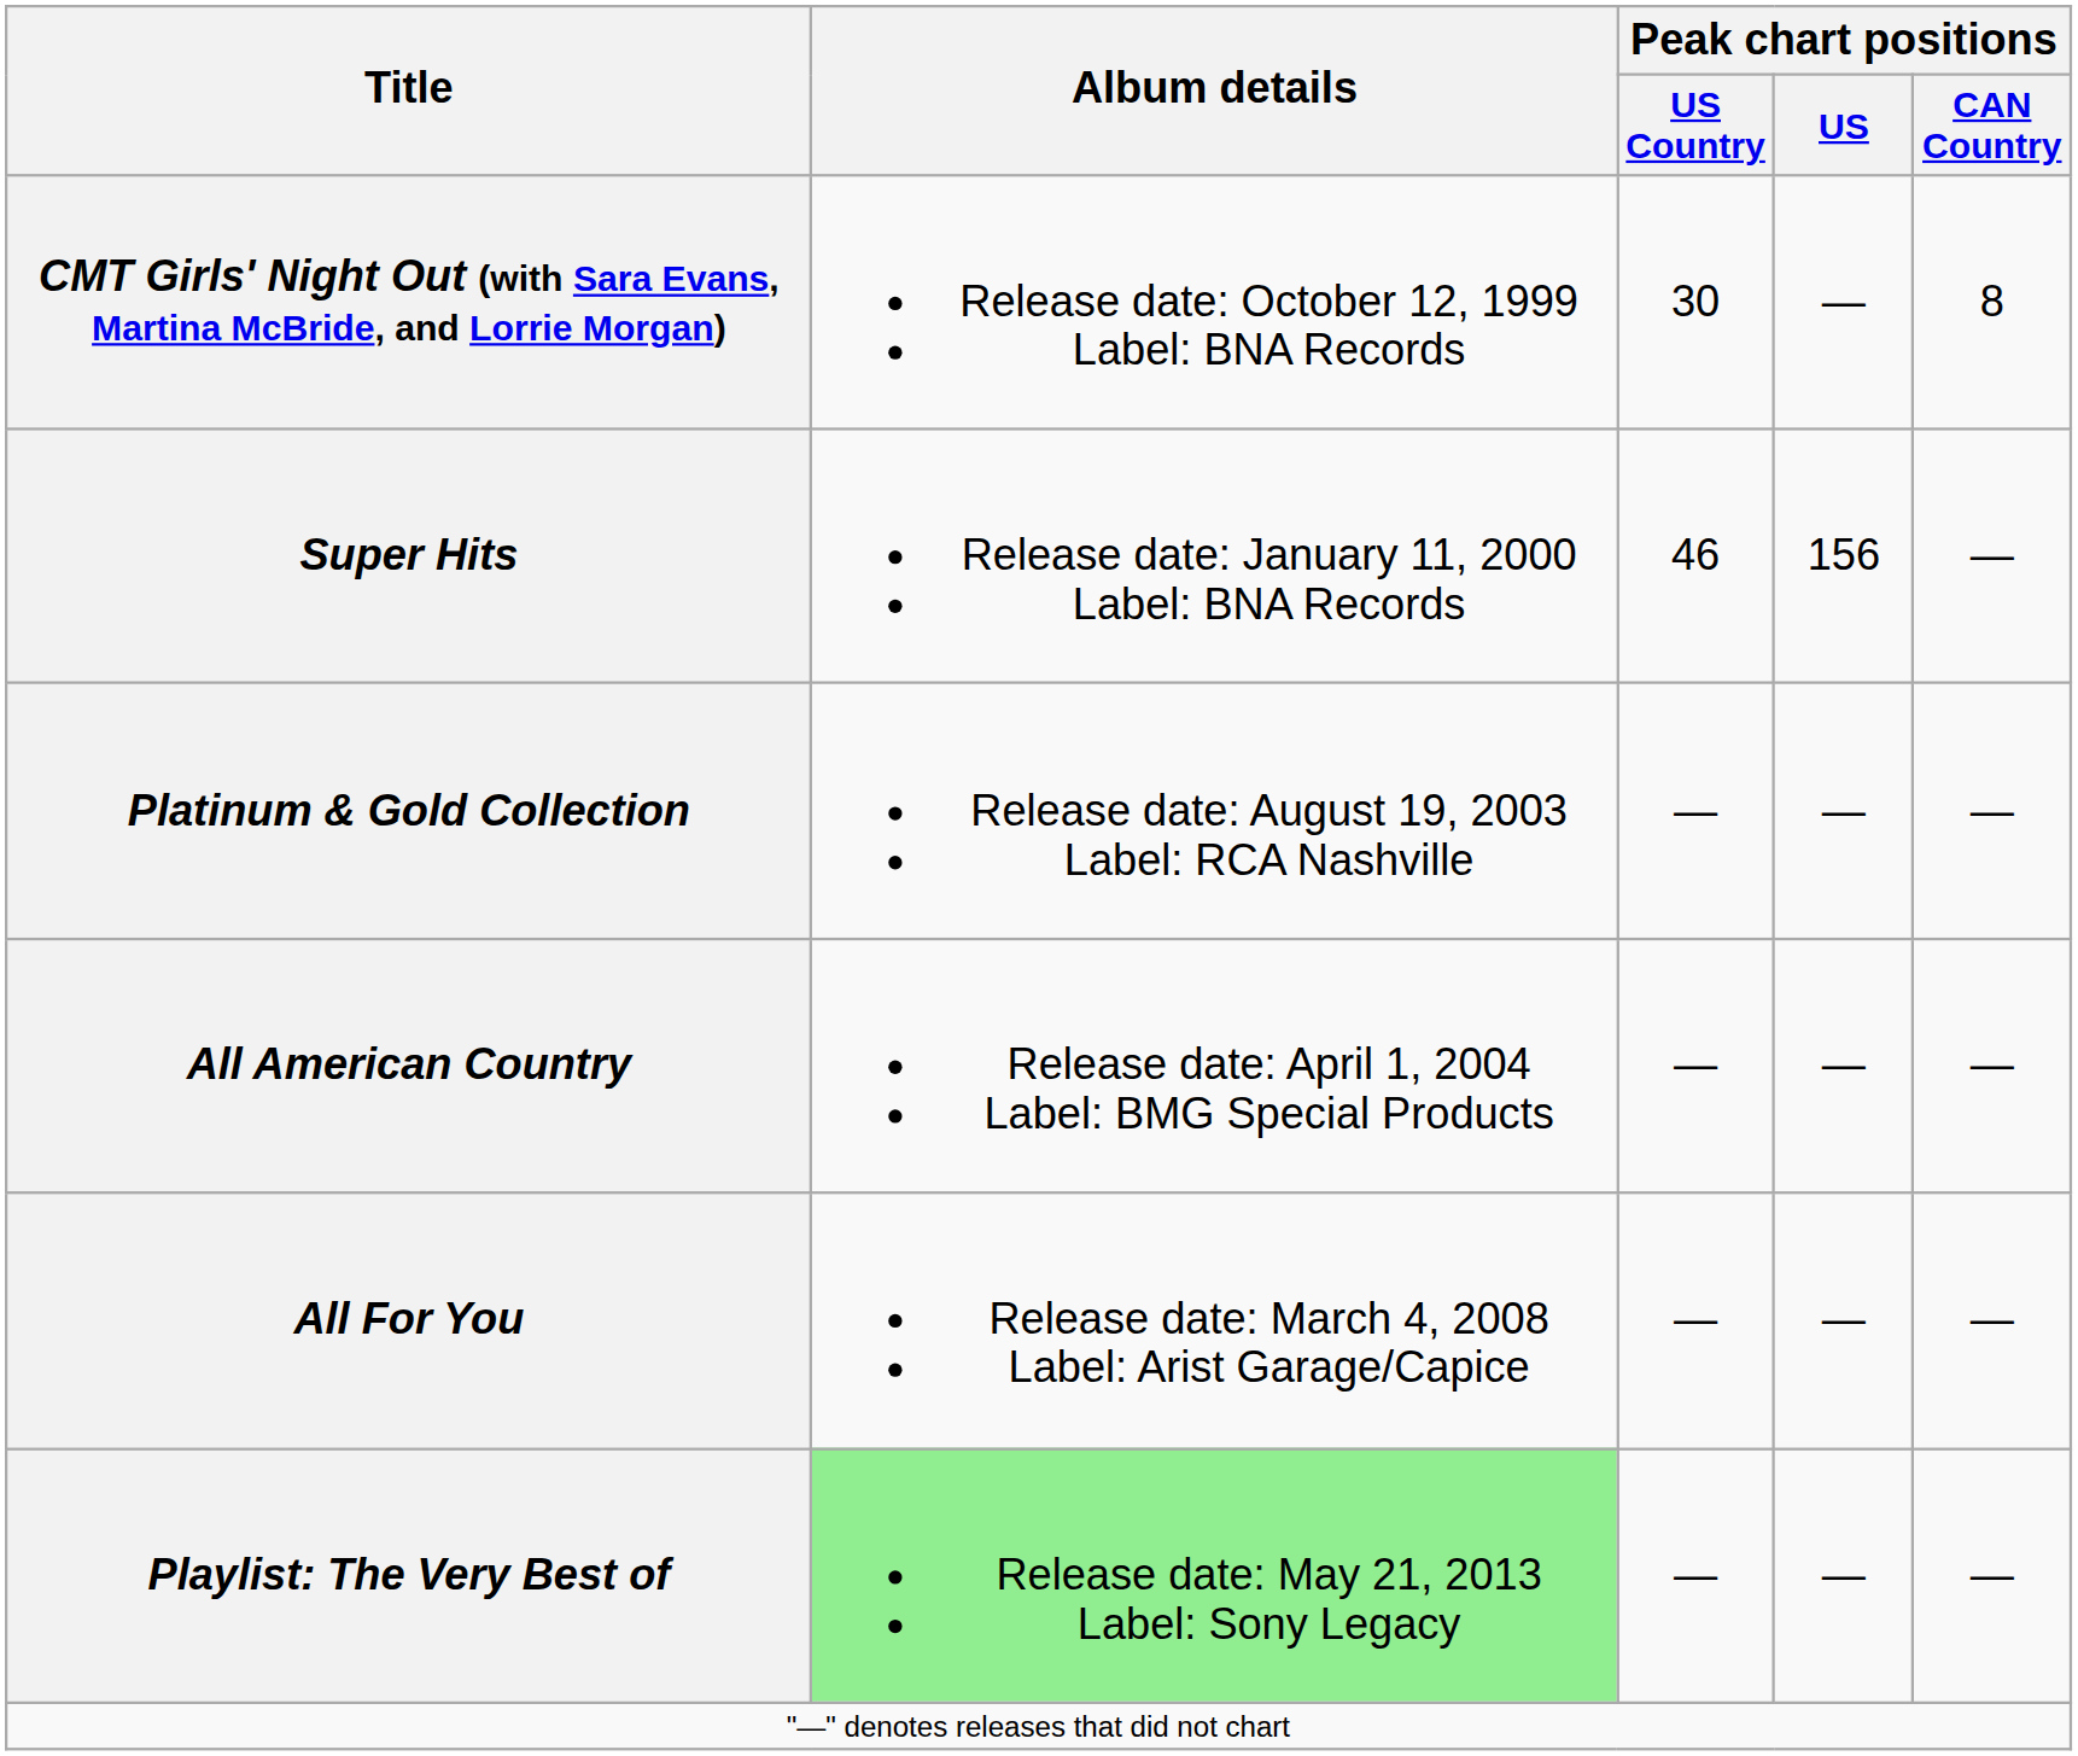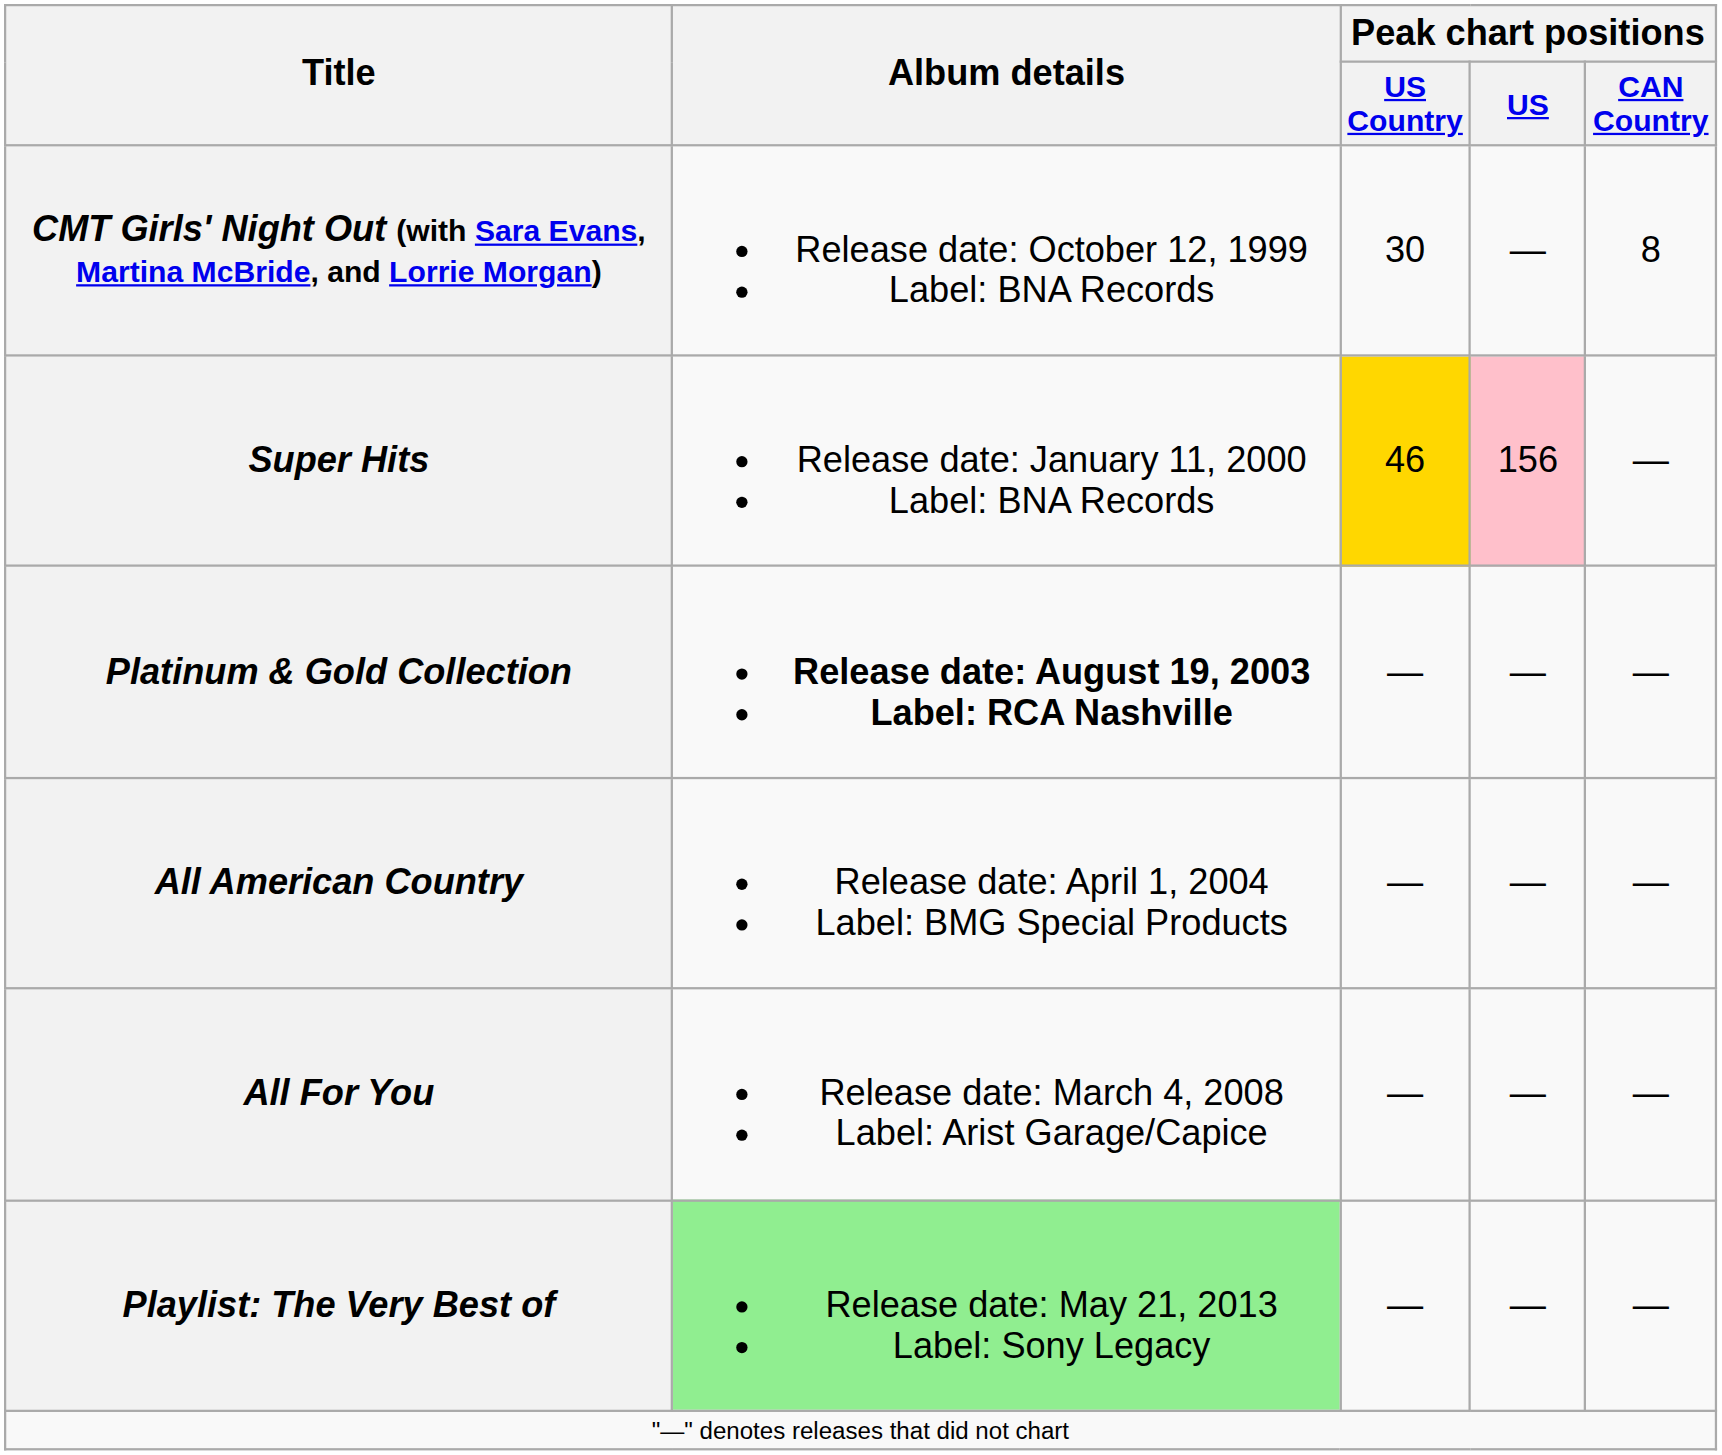 <table class="wikitable plainrowheaders" style="text-align:center;">
 <tr>
 <th rowspan="2" style="width:18em;">Title</th>
 <th rowspan="2" style="width:18em;">Album details</th>
 <th colspan="3">Peak chart positions</th>
 </tr>
 <tr style="font-size:smaller;">
 <th style="width:45px;"><a href='#'>US Country</a></th>
 <th style="width:45px;"><a href='#'>US</a></th>
 <th style="width:45px;"><a href='#'>CAN Country</a></th>
 </tr>
 <tr>
 <th scope="row"><em>CMT Girls' Night Out</em> <small>(with <a href='#'>Sara Evans</a>, <br><a href='#'>Martina McBride</a>, and <a href='#'>Lorrie Morgan</a>)</small></th>
 <td><br><ul><li>Release date: October 12, 1999</li><li>Label: BNA Records</li></ul></td>
 <td>30</td>
 <td>—</td>
 <td>8</td>
 </tr>
 <tr>
 <th scope="row"><em>Super Hits</em></th>
 <td><br><ul><li>Release date: January 11, 2000</li><li>Label: BNA Records</li></ul></td>
-<td>46</td>
-<td>156</td>
+<td style="background: gold;">46</td>
+<td style="background: pink;">156</td>
 <td>—</td>
 </tr>
 <tr>
 <th scope="row"><em>Platinum & Gold Collection</em></th>
-<td><br><ul><li>Release date: August 19, 2003</li><li>Label: RCA Nashville</li></ul></td>
+<td><strong><br><ul><li>Release date: August 19, 2003</li><li>Label: RCA Nashville</li></ul></strong></td>
 <td>—</td>
 <td>—</td>
 <td>—</td>
 </tr>
 <tr>
 <th scope="row"><em>All American Country</em></th>
 <td><br><ul><li>Release date: April 1, 2004</li><li>Label: BMG Special Products</li></ul></td>
 <td>—</td>
 <td>—</td>
 <td>—</td>
 </tr>
 <tr>
 <th scope= "row"><em> All For You</em></th>
 <td><br><ul><li>Release date: March 4, 2008</li><li>Label: Arist Garage/Capice</li></ul></td>
 <td>—</td>
 <td>—</td>
 <td>—</td>
 </tr>
 <tr>
 <th scope= "row"><em>Playlist: The Very Best of</em></th>
 <td style="background: lightgreen;"><br><ul><li>Release date: May 21, 2013</li><li>Label: Sony Legacy</li></ul></td>
 <td>—</td>
 <td>—</td>
 <td>—</td>
 </tr>
 <tr>
 <td colspan="5" style="font-size:8pt">"—" denotes releases that did not chart</td>
 </tr>
 </table>
